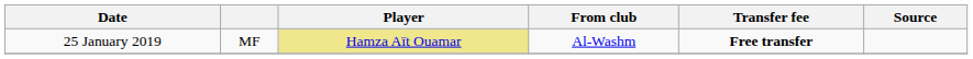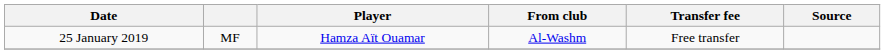 <table class="wikitable sortable" style="width:70%; text-align:center; font-size:85%; text-align:centre;">
 <tr>
 <th>Date</th>
 <th></th>
 <th>Player</th>
 <th>From club</th>
 <th>Transfer fee</th>
 <th>Source</th>
 </tr>
 <tr>
 <td>25 January 2019</td>
 <td>MF</td>
-<td style="background: khaki;"> <a href='#'>Hamza Aït Ouamar</a></td>
+<td> <a href='#'>Hamza Aït Ouamar</a></td>
 <td> <a href='#'>Al-Washm</a></td>
-<td><strong>Free transfer</strong></td>
+<td>Free transfer</td>
 <td></td>
 </tr>
 <tr>
 </tr>
 </table>
